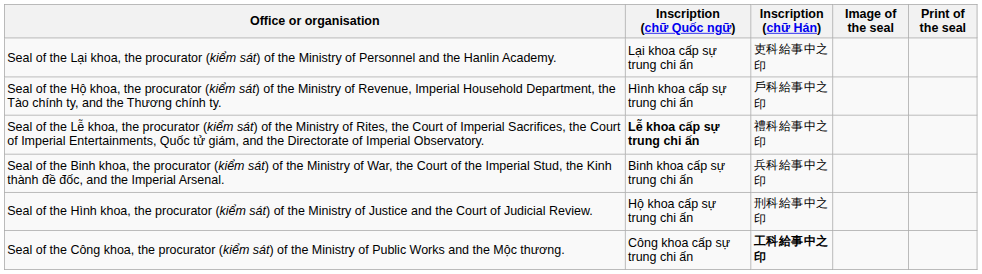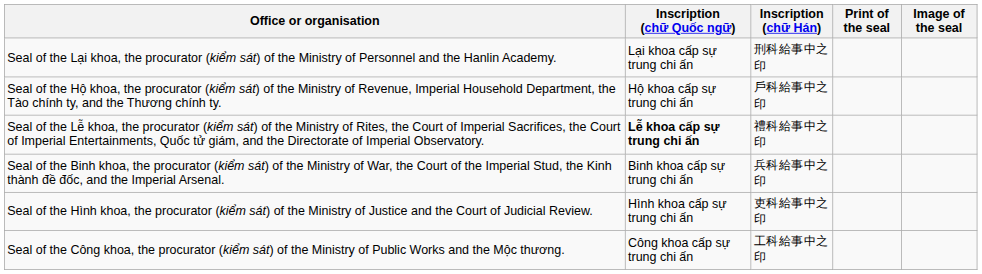 <table class="wikitable">
 <tr>
 <th>Office or organisation</th>
 <th>Inscription<br>(<a href='#'>chữ Quốc ngữ</a>)</th>
 <th>Inscription<br>(<a href='#'>chữ Hán</a>)</th>
+<th>Print of the seal</th>
 <th>Image of the seal</th>
-<th>Print of the seal</th>
 </tr>
 <tr>
 <td>Seal of the Lại khoa, the procurator (<em>kiểm sát</em>) of the Ministry of Personnel and the Hanlin Academy.</td>
 <td>Lại khoa cấp sự trung chi ấn</td>
-<td>吏科給事中之印</td>
+<td>刑科給事中之印</td>
 <td></td>
 <td></td>
 </tr>
 <tr>
 <td>Seal of the Hộ khoa, the procurator (<em>kiểm sát</em>) of the Ministry of Revenue, Imperial Household Department, the Tào chính ty, and the Thương chính ty.</td>
-<td>Hình khoa cấp sự trung chi ấn</td>
+<td>Hộ khoa cấp sự trung chi ấn</td>
 <td>戶科給事中之印</td>
 <td></td>
 <td></td>
 </tr>
 <tr>
 <td>Seal of the Lễ khoa, the procurator (<em>kiểm sát</em>) of the Ministry of Rites, the Court of Imperial Sacrifices, the Court of Imperial Entertainments, Quốc tử giám, and the Directorate of Imperial Observatory.</td>
 <td><strong>Lễ khoa cấp sự trung chi ấn</strong></td>
 <td>禮科給事中之印</td>
 <td></td>
 <td></td>
 </tr>
 <tr>
 <td>Seal of the Binh khoa, the procurator (<em>kiểm sát</em>) of the Ministry of War, the Court of the Imperial Stud, the Kinh thành đề đốc, and the Imperial Arsenal.</td>
 <td>Binh khoa cấp sự trung chi ấn</td>
 <td>兵科給事中之印</td>
 <td></td>
 <td></td>
 </tr>
 <tr>
 <td>Seal of the Hình khoa, the procurator (<em>kiểm sát</em>) of the Ministry of Justice and the Court of Judicial Review.</td>
-<td>Hộ khoa cấp sự trung chi ấn</td>
-<td>刑科給事中之印</td>
+<td>Hình khoa cấp sự trung chi ấn</td>
+<td>吏科給事中之印</td>
 <td></td>
 <td></td>
 </tr>
 <tr>
 <td>Seal of the Công khoa, the procurator (<em>kiểm sát</em>) of the Ministry of Public Works and the Mộc thương.</td>
 <td>Công khoa cấp sự trung chi ấn</td>
-<td><strong>工科給事中之印</strong></td>
+<td>工科給事中之印</td>
 <td></td>
 <td></td>
 </tr>
 </table>
